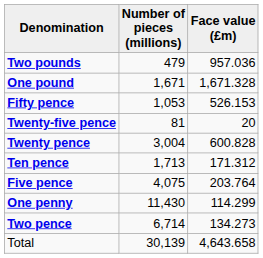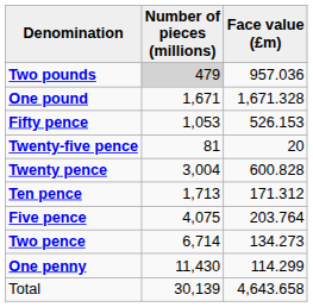 <table class="wikitable">
 <tr>
 <th style="background:#efefef">Denomination</th>
 <th style="background:#efefef">Number of<br>pieces<br>(millions)</th>
 <th style="background:#efefef">Face value<br>(£m)</th>
 </tr>
 <tr>
 <td><strong><a href='#'>Two pounds</a></strong></td>
-<td style="text-align:right">479</td>
+<td style="background: lightgrey; text-align:right">479</td>
 <td style="text-align:right">957.036</td>
 </tr>
 <tr>
 <td><strong><a href='#'>One pound</a></strong></td>
 <td style="text-align:right">1,671</td>
 <td style="text-align:right">1,671.328</td>
 </tr>
 <tr>
 <td><strong><a href='#'>Fifty pence</a></strong></td>
 <td style="text-align:right">1,053</td>
 <td style="text-align:right">526.153</td>
 </tr>
 <tr>
 <td><strong><a href='#'>Twenty-five pence</a></strong></td>
 <td style="text-align:right">81</td>
 <td style="text-align:right">20</td>
 </tr>
 <tr>
 <td><strong><a href='#'>Twenty pence</a></strong></td>
 <td style="text-align:right">3,004</td>
 <td style="text-align:right">600.828</td>
 </tr>
 <tr>
 <td><strong><a href='#'>Ten pence</a></strong></td>
 <td style="text-align:right">1,713</td>
 <td style="text-align:right">171.312</td>
 </tr>
 <tr>
 <td><strong><a href='#'>Five pence</a></strong></td>
 <td style="text-align:right">4,075</td>
 <td style="text-align:right">203.764</td>
 </tr>
 <tr>
+<td><strong><a href='#'>Two pence</a></strong></td>
+<td style="text-align:right">6,714</td>
+<td style="text-align:right">134.273</td>
+</tr>
+<tr>
 <td><strong><a href='#'>One penny</a></strong></td>
 <td style="text-align:right">11,430</td>
 <td style="text-align:right">114.299</td>
-</tr>
-<tr>
-<td><strong><a href='#'>Two pence</a></strong></td>
-<td style="text-align:right">6,714</td>
-<td style="text-align:right">134.273</td>
 </tr>
 <tr>
 <td>Total</td>
 <td style="text-align:right">30,139</td>
 <td style="text-align:right">4,643.658</td>
 </tr>
 </table>
